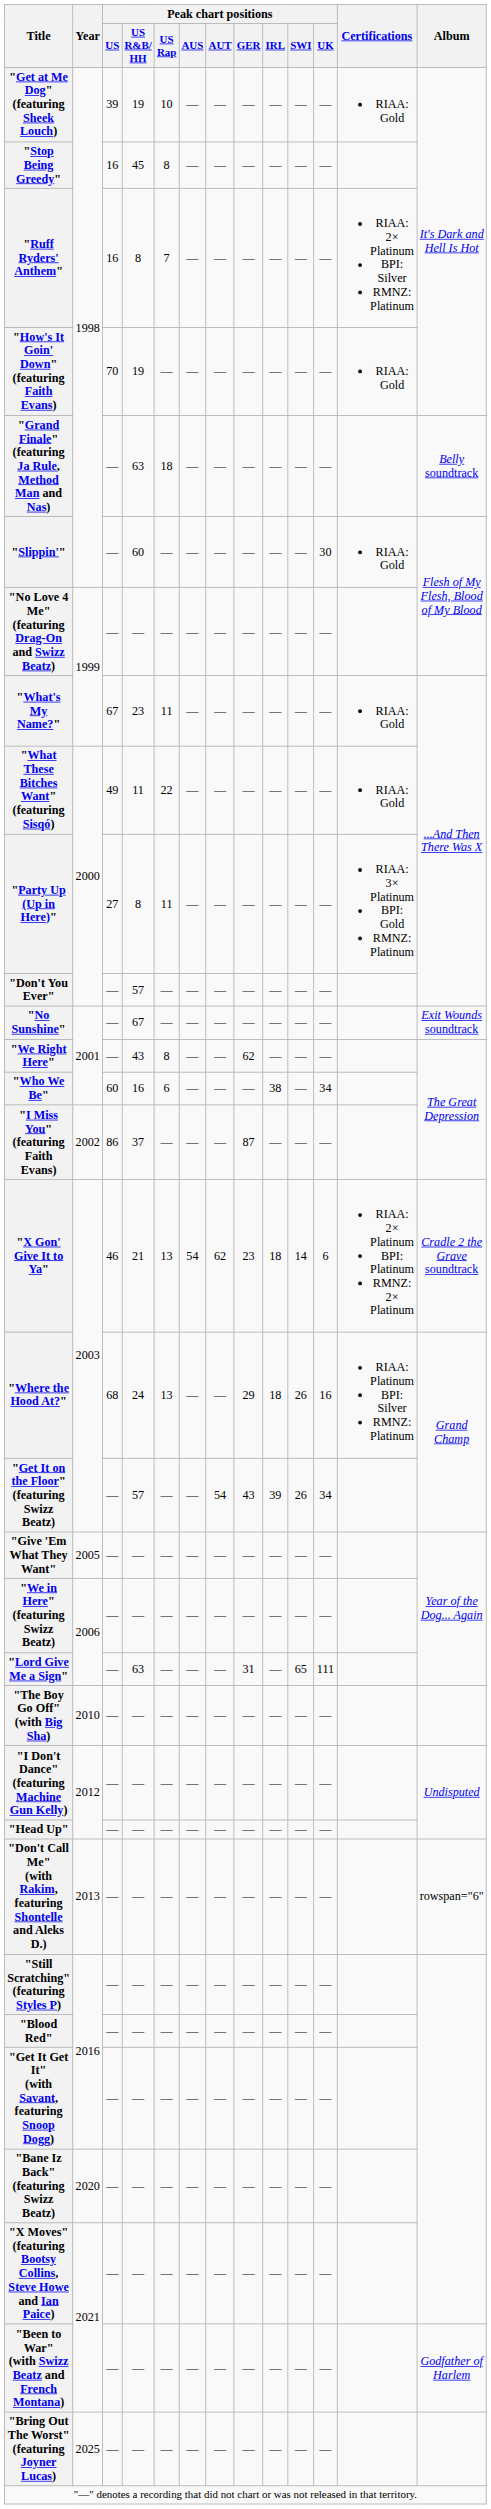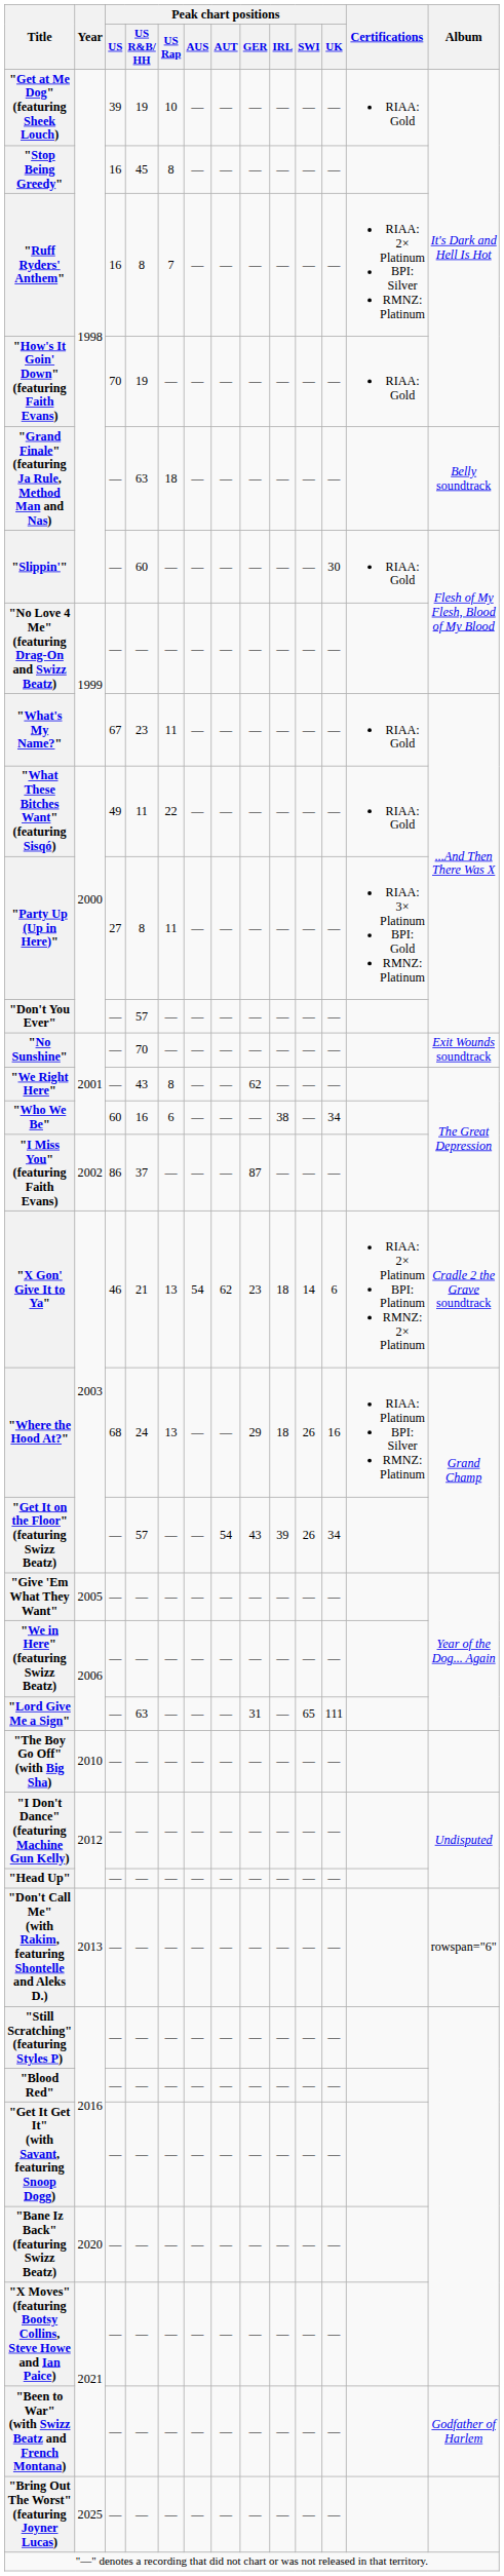 <table class="wikitable plainrowheaders" style="text-align:center;">
 <tr>
 <th scope="col" rowspan="2" style="width:23em;">Title</th>
 <th scope="col" rowspan="2">Year</th>
 <th scope="col" colspan="9">Peak chart positions</th>
 <th scope="col" rowspan="2" style="width:13em;"><a href='#'>Certifications</a></th>
 <th scope="col" rowspan="2" style="width:12em;">Album</th>
 </tr>
 <tr>
 <th scope="col" style="width:2.9em;font-size:90%;"><a href='#'>US</a><br></th>
 <th scope="col" style="width:2.9em;font-size:90%;"><a href='#'>US<br>R&B/<br>HH</a><br></th>
 <th scope="col" style="width:2.9em;font-size:90%;"><a href='#'>US<br>Rap</a><br></th>
 <th scope="col" style="width:2.9em;font-size:90%;"><a href='#'>AUS</a><br></th>
 <th scope="col" style="width:2.9em;font-size:90%;"><a href='#'>AUT</a><br></th>
 <th scope="col" style="width:2.9em;font-size:90%;"><a href='#'>GER</a><br></th>
 <th scope="col" style="width:2.9em;font-size:90%;"><a href='#'>IRL</a><br></th>
 <th scope="col" style="width:2.9em;font-size:90%;"><a href='#'>SWI</a><br></th>
 <th scope="col" style="width:2.9em;font-size:90%;"><a href='#'>UK</a><br></th>
 </tr>
 <tr>
 <th scope="row">"<a href='#'>Get at Me Dog</a>"<br><span>(featuring <a href='#'>Sheek Louch</a>)</span></th>
 <td rowspan="6">1998</td>
 <td>39</td>
 <td>19</td>
 <td>10</td>
 <td>—</td>
 <td>—</td>
 <td>—</td>
 <td>—</td>
 <td>—</td>
 <td>—</td>
 <td><br><ul><li>RIAA: Gold</li></ul></td>
 <td rowspan="4"><em><a href='#'>It's Dark and Hell Is Hot</a></em></td>
 </tr>
 <tr>
 <th scope="row">"<a href='#'>Stop Being Greedy</a>"</th>
 <td>16</td>
 <td>45</td>
 <td>8</td>
 <td>—</td>
 <td>—</td>
 <td>—</td>
 <td>—</td>
 <td>—</td>
 <td>—</td>
 <td></td>
 </tr>
 <tr>
 <th scope="row">"<a href='#'>Ruff Ryders' Anthem</a>"</th>
 <td>16</td>
 <td>8</td>
 <td>7</td>
 <td>—</td>
 <td>—</td>
 <td>—</td>
 <td>—</td>
 <td>—</td>
 <td>—</td>
 <td><br><ul><li>RIAA: 2× Platinum</li><li>BPI: Silver</li><li>RMNZ: Platinum</li></ul></td>
 </tr>
 <tr>
 <th scope="row">"<a href='#'>How's It Goin' Down</a>"<br><span>(featuring <a href='#'>Faith Evans</a>)</span></th>
 <td>70</td>
 <td>19</td>
 <td>—</td>
 <td>—</td>
 <td>—</td>
 <td>—</td>
 <td>—</td>
 <td>—</td>
 <td>—</td>
 <td><br><ul><li>RIAA: Gold</li></ul></td>
 </tr>
 <tr>
 <th scope="row">"<a href='#'>Grand Finale</a>"<br><span>(featuring <a href='#'>Ja Rule</a>, <a href='#'>Method Man</a> and <a href='#'>Nas</a>)</span></th>
 <td>—</td>
 <td>63</td>
 <td>18</td>
 <td>—</td>
 <td>—</td>
 <td>—</td>
 <td>—</td>
 <td>—</td>
 <td>—</td>
 <td></td>
 <td><a href='#'><em>Belly</em> soundtrack</a></td>
 </tr>
 <tr>
 <th scope="row">"<a href='#'>Slippin'</a>"</th>
 <td>—</td>
 <td>60</td>
 <td>—</td>
 <td>—</td>
 <td>—</td>
 <td>—</td>
 <td>—</td>
 <td>—</td>
 <td>30</td>
 <td><br><ul><li>RIAA: Gold</li></ul></td>
 <td rowspan="2"><em><a href='#'>Flesh of My Flesh, Blood of My Blood</a></em></td>
 </tr>
 <tr>
 <th scope="row">"No Love 4 Me"<br><span>(featuring <a href='#'>Drag-On</a> and <a href='#'>Swizz Beatz</a>)</span></th>
 <td rowspan="2">1999</td>
 <td>—</td>
 <td>—</td>
 <td>—</td>
 <td>—</td>
 <td>—</td>
 <td>—</td>
 <td>—</td>
 <td>—</td>
 <td>—</td>
 </tr>
 <tr>
 <th scope="row">"<a href='#'>What's My Name?</a>"</th>
 <td>67</td>
 <td>23</td>
 <td>11</td>
 <td>—</td>
 <td>—</td>
 <td>—</td>
 <td>—</td>
 <td>—</td>
 <td>—</td>
 <td><br><ul><li>RIAA: Gold</li></ul></td>
 <td rowspan="4"><em><a href='#'>...And Then There Was X</a></em></td>
 </tr>
 <tr>
 <th scope="row">"<a href='#'>What These Bitches Want</a>"<br><span>(featuring <a href='#'>Sisqó</a>)</span></th>
 <td rowspan="3">2000</td>
 <td>49</td>
 <td>11</td>
 <td>22</td>
 <td>—</td>
 <td>—</td>
 <td>—</td>
 <td>—</td>
 <td>—</td>
 <td>—</td>
 <td><br><ul><li>RIAA: Gold</li></ul></td>
 </tr>
 <tr>
 <th scope="row">"<a href='#'>Party Up (Up in Here)</a>"</th>
 <td>27</td>
 <td>8</td>
 <td>11</td>
 <td>—</td>
 <td>—</td>
 <td>—</td>
 <td>—</td>
 <td>—</td>
 <td>—</td>
 <td><br><ul><li>RIAA: 3× Platinum</li><li>BPI: Gold</li><li>RMNZ: Platinum</li></ul></td>
 </tr>
 <tr>
 <th scope="row">"Don't You Ever"</th>
 <td>—</td>
 <td>57</td>
 <td>—</td>
 <td>—</td>
 <td>—</td>
 <td>—</td>
 <td>—</td>
 <td>—</td>
 <td>—</td>
 <td></td>
 </tr>
 <tr>
 <th scope="row">"<a href='#'>No Sunshine</a>"</th>
 <td rowspan="3">2001</td>
 <td>—</td>
-<td>67</td>
+<td>70</td>
 <td>—</td>
 <td>—</td>
 <td>—</td>
 <td>—</td>
 <td>—</td>
 <td>—</td>
 <td>—</td>
 <td></td>
 <td><a href='#'><em>Exit Wounds</em> soundtrack</a></td>
 </tr>
 <tr>
 <th scope="row">"<a href='#'>We Right Here</a>"</th>
 <td>—</td>
 <td>43</td>
 <td>8</td>
 <td>—</td>
 <td>—</td>
 <td>62</td>
 <td>—</td>
 <td>—</td>
 <td>—</td>
 <td></td>
 <td rowspan="3"><em><a href='#'>The Great Depression</a></em></td>
 </tr>
 <tr>
 <th scope="row">"<a href='#'>Who We Be</a>"</th>
 <td>60</td>
 <td>16</td>
 <td>6</td>
 <td>—</td>
 <td>—</td>
 <td>—</td>
 <td>38</td>
 <td>—</td>
 <td>34</td>
 <td></td>
 </tr>
 <tr>
 <th scope="row">"<a href='#'>I Miss You</a>"<br><span>(featuring Faith Evans)</span></th>
 <td>2002</td>
 <td>86</td>
 <td>37</td>
 <td>—</td>
 <td>—</td>
 <td>—</td>
 <td>87</td>
 <td>—</td>
 <td>—</td>
 <td>—</td>
 </tr>
 <tr>
 <th scope="row">"<a href='#'>X Gon' Give It to Ya</a>"</th>
 <td rowspan="3">2003</td>
 <td>46</td>
 <td>21</td>
 <td>13</td>
 <td>54</td>
 <td>62</td>
 <td>23</td>
 <td>18</td>
 <td>14</td>
 <td>6</td>
 <td><br><ul><li>RIAA: 2× Platinum</li><li>BPI: Platinum</li><li>RMNZ: 2× Platinum</li></ul></td>
 <td><a href='#'><em>Cradle 2 the Grave</em> soundtrack</a></td>
 </tr>
 <tr>
 <th scope="row">"<a href='#'>Where the Hood At?</a>"</th>
 <td>68</td>
 <td>24</td>
 <td>13</td>
 <td>—</td>
 <td>—</td>
 <td>29</td>
 <td>18</td>
 <td>26</td>
 <td>16</td>
 <td><br><ul><li>RIAA: Platinum</li><li>BPI: Silver</li><li>RMNZ: Platinum</li></ul></td>
 <td rowspan="2"><em><a href='#'>Grand Champ</a></em></td>
 </tr>
 <tr>
 <th scope="row">"<a href='#'>Get It on the Floor</a>"<br><span>(featuring Swizz Beatz)</span></th>
 <td>—</td>
 <td>57</td>
 <td>—</td>
 <td>—</td>
 <td>54</td>
 <td>43</td>
 <td>39</td>
 <td>26</td>
 <td>34</td>
 <td></td>
 </tr>
 <tr>
 <th scope="row">"Give 'Em What They Want"</th>
 <td>2005</td>
 <td>—</td>
 <td>—</td>
 <td>—</td>
 <td>—</td>
 <td>—</td>
 <td>—</td>
 <td>—</td>
 <td>—</td>
 <td>—</td>
 <td></td>
 <td rowspan="3"><em><a href='#'>Year of the Dog... Again</a></em></td>
 </tr>
 <tr>
 <th scope="row">"<a href='#'>We in Here</a>"<br><span>(featuring Swizz Beatz)</span></th>
 <td rowspan="2">2006</td>
 <td>—</td>
 <td>—</td>
 <td>—</td>
 <td>—</td>
 <td>—</td>
 <td>—</td>
 <td>—</td>
 <td>—</td>
 <td>—</td>
 <td></td>
 </tr>
 <tr>
 <th scope="row">"<a href='#'>Lord Give Me a Sign</a>"</th>
 <td>—</td>
 <td>63</td>
 <td>—</td>
 <td>—</td>
 <td>—</td>
 <td>31</td>
 <td>—</td>
 <td>65</td>
 <td>111</td>
 </tr>
 <tr>
 <th scope="row">"The Boy Go Off"<br><span>(with <a href='#'>Big Sha</a>)</span></th>
 <td>2010</td>
 <td>—</td>
 <td>—</td>
 <td>—</td>
 <td>—</td>
 <td>—</td>
 <td>—</td>
 <td>—</td>
 <td>—</td>
 <td>—</td>
 <td></td>
 <td></td>
 </tr>
 <tr>
 <th scope="row">"I Don't Dance"<br><span>(featuring <a href='#'>Machine Gun Kelly</a>)</span></th>
 <td rowspan="2">2012</td>
 <td>—</td>
 <td>—</td>
 <td>—</td>
 <td>—</td>
 <td>—</td>
 <td>—</td>
 <td>—</td>
 <td>—</td>
 <td>—</td>
 <td></td>
 <td rowspan="2"><em><a href='#'>Undisputed</a></em></td>
 </tr>
 <tr>
 <th scope="row">"Head Up"</th>
 <td>—</td>
 <td>—</td>
 <td>—</td>
 <td>—</td>
 <td>—</td>
 <td>—</td>
 <td>—</td>
 <td>—</td>
 <td>—</td>
 <td></td>
 </tr>
 <tr>
 <th scope="row">"Don't Call Me"<br><span>(with <a href='#'>Rakim</a>, featuring <a href='#'>Shontelle</a> and Aleks D.)</span></th>
 <td>2013</td>
 <td>—</td>
 <td>—</td>
 <td>—</td>
 <td>—</td>
 <td>—</td>
 <td>—</td>
 <td>—</td>
 <td>—</td>
 <td>—</td>
 <td></td>
 <td>rowspan="6" </td>
 </tr>
 <tr>
 <th scope="row">"Still Scratching"<br><span>(featuring <a href='#'>Styles P</a>)</span></th>
 <td rowspan="3">2016</td>
 <td>—</td>
 <td>—</td>
 <td>—</td>
 <td>—</td>
 <td>—</td>
 <td>—</td>
 <td>—</td>
 <td>—</td>
 <td>—</td>
 <td></td>
 </tr>
 <tr>
 <th scope="row">"Blood Red"</th>
 <td>—</td>
 <td>—</td>
 <td>—</td>
 <td>—</td>
 <td>—</td>
 <td>—</td>
 <td>—</td>
 <td>—</td>
 <td>—</td>
 <td></td>
 </tr>
 <tr>
 <th scope="row">"Get It Get It"<br><span>(with <a href='#'>Savant</a>, featuring <a href='#'>Snoop Dogg</a>)</span></th>
 <td>—</td>
 <td>—</td>
 <td>—</td>
 <td>—</td>
 <td>—</td>
 <td>—</td>
 <td>—</td>
 <td>—</td>
 <td>—</td>
 <td></td>
 </tr>
 <tr>
 <th scope="row">"Bane Iz Back"<br><span>(featuring Swizz Beatz)</span></th>
 <td>2020</td>
 <td>—</td>
 <td>—</td>
 <td>—</td>
 <td>—</td>
 <td>—</td>
 <td>—</td>
 <td>—</td>
 <td>—</td>
 <td>—</td>
 <td></td>
 </tr>
 <tr>
 <th scope="row">"X Moves"<br><span>(featuring <a href='#'>Bootsy Collins</a>, <a href='#'>Steve Howe</a> and <a href='#'>Ian Paice</a>)</span></th>
 <td rowspan="2">2021</td>
 <td>—</td>
 <td>—</td>
 <td>—</td>
 <td>—</td>
 <td>—</td>
 <td>—</td>
 <td>—</td>
 <td>—</td>
 <td>—</td>
 <td></td>
 </tr>
 <tr>
 <th scope="row">"Been to War"<br><span>(with <a href='#'>Swizz Beatz</a> and <a href='#'>French Montana</a>)</span></th>
 <td>—</td>
 <td>—</td>
 <td>—</td>
 <td>—</td>
 <td>—</td>
 <td>—</td>
 <td>—</td>
 <td>—</td>
 <td>—</td>
 <td></td>
 <td><em><a href='#'>Godfather of Harlem</a></em></td>
 </tr>
 <tr>
 <th scope="row">"Bring Out The Worst" <br><span>(featuring <a href='#'>Joyner Lucas</a>)</span></th>
 <td>2025</td>
 <td>—</td>
 <td>—</td>
 <td>—</td>
 <td>—</td>
 <td>—</td>
 <td>—</td>
 <td>—</td>
 <td>—</td>
 <td>—</td>
 <td></td>
 <td></td>
 </tr>
 <tr>
 <td colspan="14" style="font-size:90%">"—" denotes a recording that did not chart or was not released in that territory.</td>
 </tr>
 </table>
